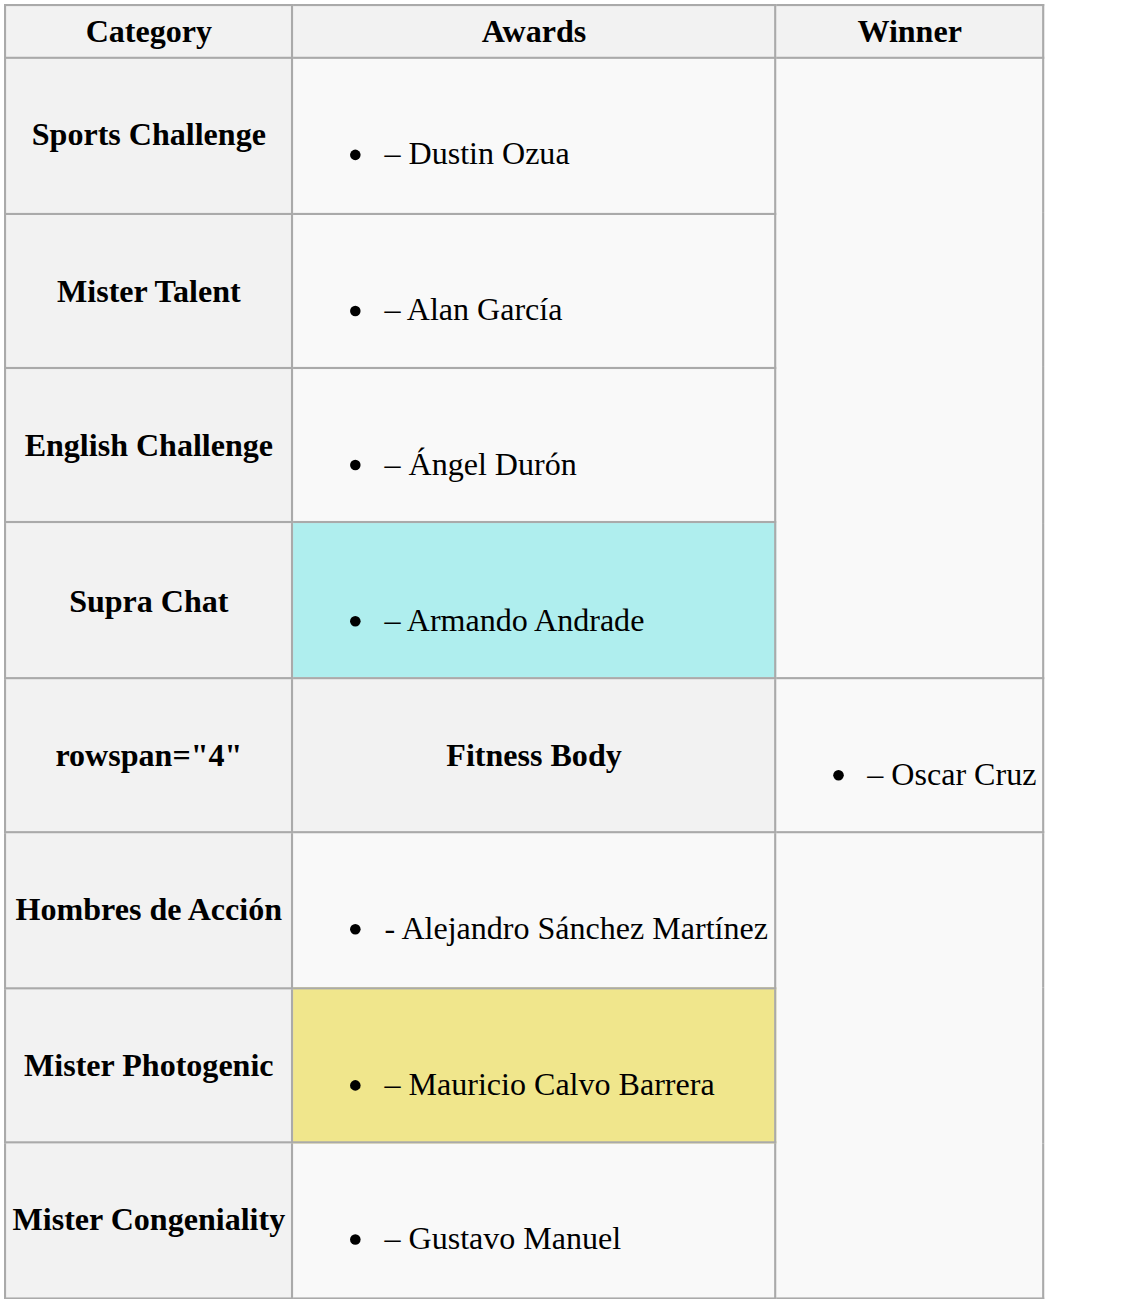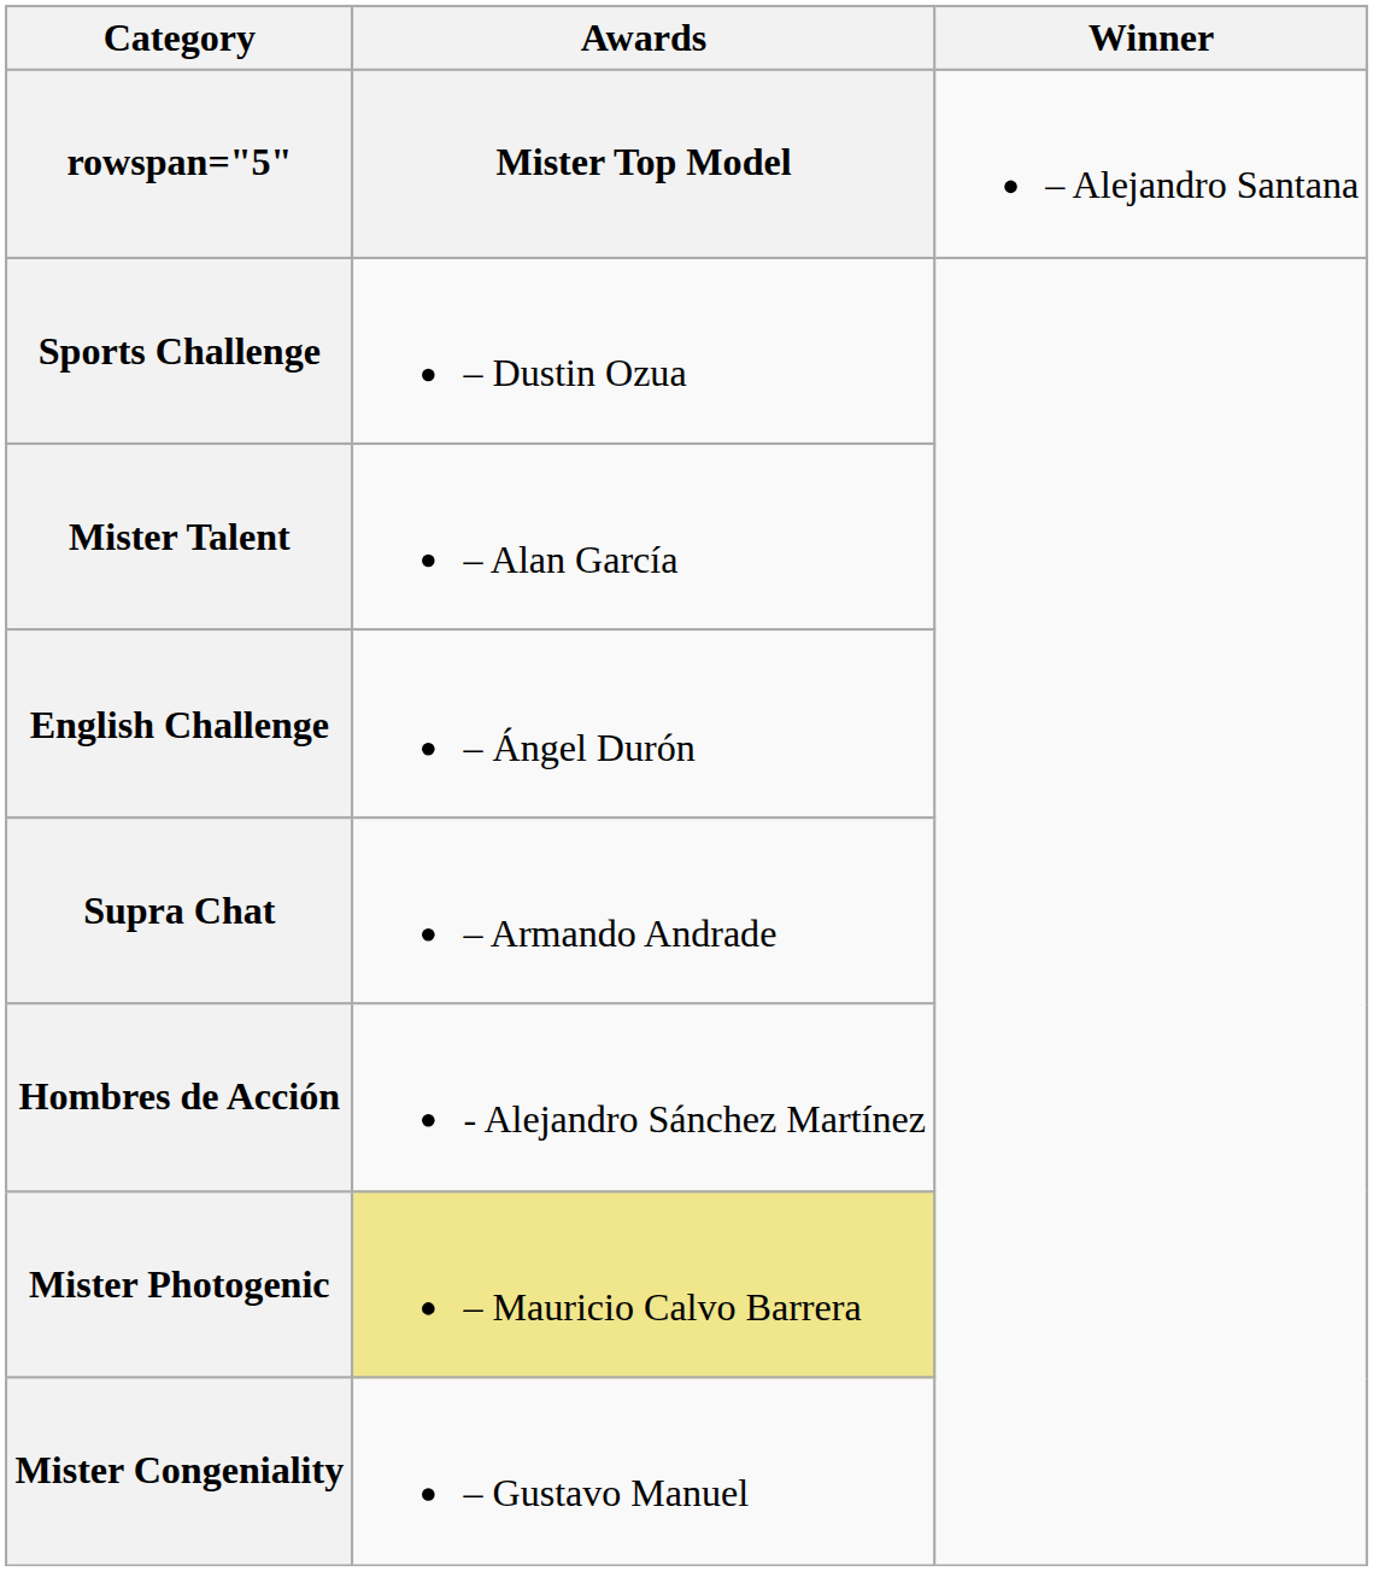 <table class="wikitable" style="font-size: 95%;">
 <tr>
 <th>Category</th>
 <th>Awards</th>
 <th>Winner</th>
+</tr>
+<tr>
+<th>rowspan="5" </th>
+<th>Mister Top Model</th>
+<td><br><ul><li> – Alejandro Santana</li></ul></td>
 </tr>
 <tr>
 <th>Sports Challenge</th>
 <td><br><ul><li> – Dustin Ozua</li></ul></td>
 </tr>
 <tr>
 <th>Mister Talent</th>
 <td><br><ul><li> – Alan García</li></ul></td>
 </tr>
 <tr>
 <th>English Challenge</th>
 <td><br><ul><li> – Ángel Durón</li></ul></td>
 </tr>
 <tr>
 <th>Supra Chat</th>
-<td style="background: paleturquoise;"><br><ul><li> – Armando Andrade</li></ul></td>
-</tr>
-<tr>
-<th>rowspan="4" </th>
-<th>Fitness Body</th>
-<td><br><ul><li> – Oscar Cruz</li></ul></td>
+<td><br><ul><li> – Armando Andrade</li></ul></td>
 </tr>
 <tr>
 <th>Hombres de Acción</th>
 <td><br><ul><li> - Alejandro Sánchez Martínez</li></ul></td>
 </tr>
 <tr>
 <th>Mister Photogenic</th>
 <td style="background: khaki;"><br><ul><li> – Mauricio Calvo Barrera</li></ul></td>
 </tr>
 <tr>
 <th>Mister Congeniality</th>
 <td><br><ul><li> – Gustavo Manuel</li></ul></td>
 </tr>
 </table>
